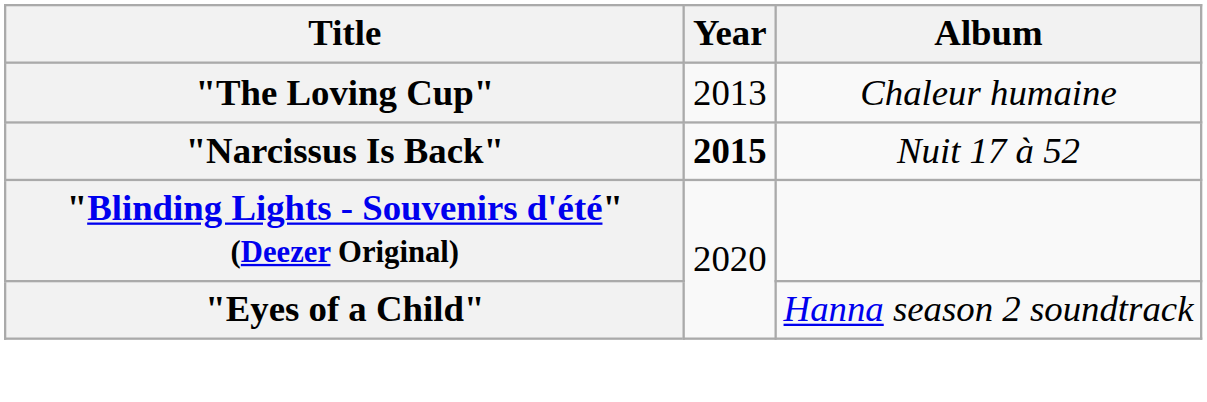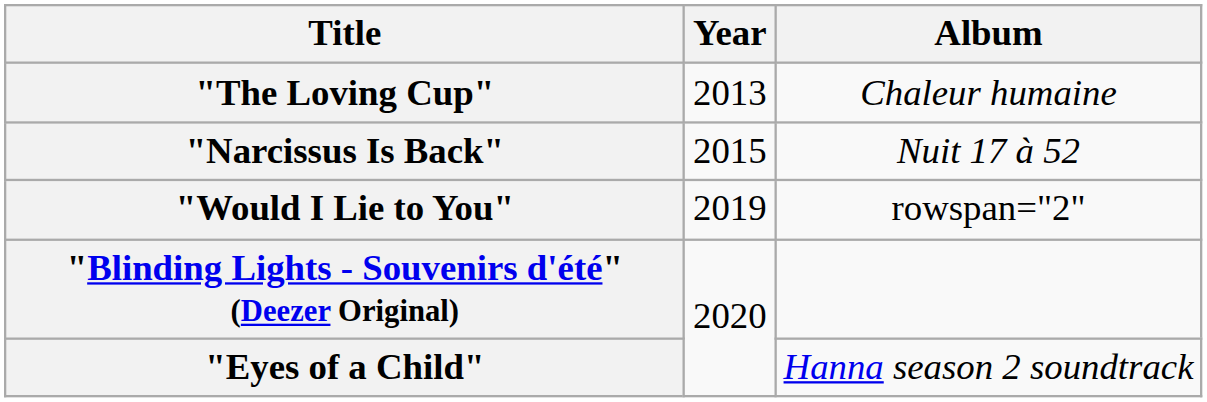 <table class="wikitable plainrowheaders" style="text-align:center;">
 <tr>
 <th scope="col" style="width:18em;">Title</th>
 <th scope="col" style="width:1em;">Year</th>
 <th scope="col">Album</th>
 </tr>
 <tr>
 <th scope="row">"The Loving Cup"</th>
 <td>2013</td>
 <td><em>Chaleur humaine</em></td>
 </tr>
 <tr>
 <th scope="row">"Narcissus Is Back"</th>
-<td><strong>2015</strong></td>
+<td>2015</td>
 <td><em>Nuit 17 à 52</em></td>
+</tr>
+<tr>
+<th scope="row">"Would I Lie to You"<br></th>
+<td>2019</td>
+<td>rowspan="2" </td>
 </tr>
 <tr>
 <th scope="row">"<a href='#'>Blinding Lights - Souvenirs d'été</a>"<br><small>(<a href='#'>Deezer</a> Original)</small></th>
 <td rowspan="2">2020</td>
 </tr>
 <tr>
 <th scope="row">"Eyes of a Child"</th>
 <td><em><a href='#'>Hanna</a> season 2 soundtrack</em></td>
 </tr>
 </table>
